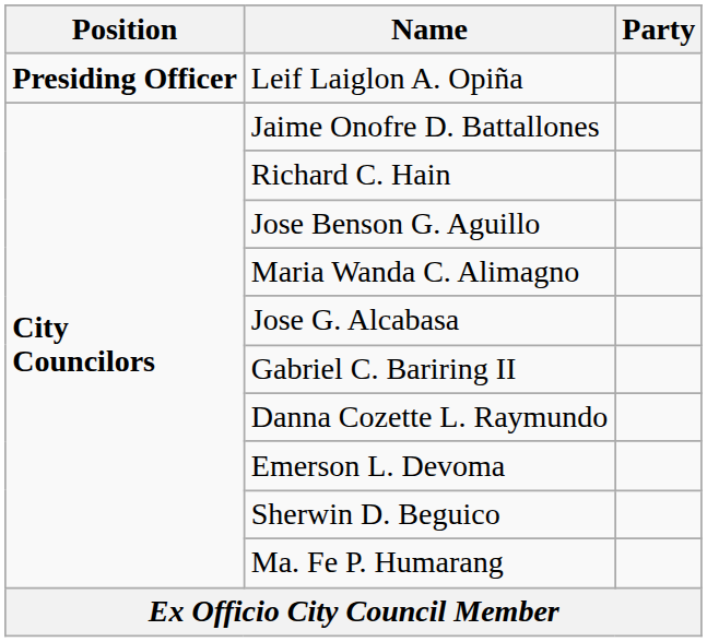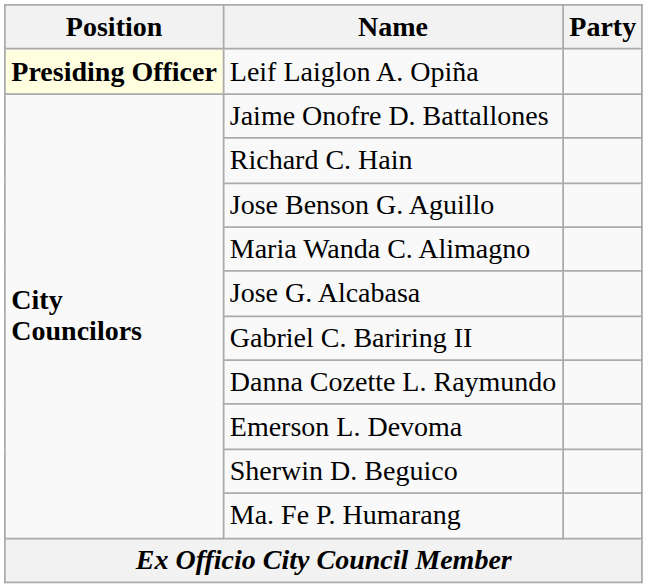 <table class=wikitable>
 <tr>
 <th>Position</th>
 <th>Name</th>
 <th colspan=2>Party</th>
 </tr>
 <tr>
-<td><strong>Presiding Officer</strong></td>
+<td style="background: lightyellow;"><strong>Presiding Officer</strong></td>
 <td>Leif Laiglon A. Opiña</td>
 <td></td>
 </tr>
 <tr>
 <td rowspan=10><strong>City<br>Councilors</strong></td>
 <td>Jaime Onofre D. Battallones</td>
 <td></td>
 </tr>
 <tr>
 <td>Richard C. Hain</td>
 <td></td>
 </tr>
 <tr>
 <td>Jose Benson G. Aguillo</td>
 <td></td>
 </tr>
 <tr>
 <td>Maria Wanda C. Alimagno</td>
 <td></td>
 </tr>
 <tr>
 <td>Jose G. Alcabasa</td>
 <td></td>
 </tr>
 <tr>
 <td>Gabriel C. Bariring II</td>
 <td></td>
 </tr>
 <tr>
 <td>Danna Cozette L. Raymundo</td>
 <td></td>
 </tr>
 <tr>
 <td>Emerson L. Devoma</td>
 <td></td>
 </tr>
 <tr>
 <td>Sherwin D. Beguico</td>
 <td></td>
 </tr>
 <tr>
 <td>Ma. Fe P. Humarang</td>
 <td></td>
 </tr>
 <tr>
 <th colspan=4><strong><em>Ex Officio<em> City Council Member<strong></th>
 </tr>
 </table>
